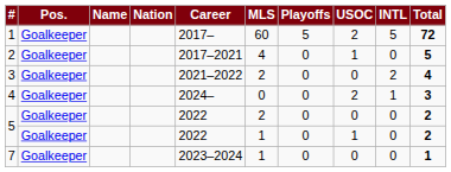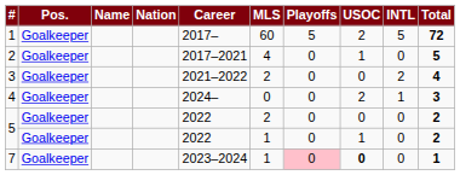 <table class="wikitable sortable" style="text-align:center;">
 <tr>
 <th style="background:#80000B; color:#FFFFFF;" scope="col">#</th>
 <th style="background:#80000B; color:#FFFFFF;" scope="col">Pos.</th>
 <th style="background:#80000B; color:#FFFFFF;" scope="col">Name</th>
 <th style="background:#80000B; color:#FFFFFF;" scope="col">Nation</th>
 <th style="background:#80000B; color:#FFFFFF;" scope="col">Career</th>
 <th style="background:#80000B; color:#FFFFFF;" scope="col">MLS</th>
 <th style="background:#80000B; color:#FFFFFF;" scope="col">Playoffs</th>
 <th style="background:#80000B; color:#FFFFFF;" scope="col">USOC</th>
 <th style="background:#80000B; color:#FFFFFF;" scope="col">INTL</th>
 <th style="background:#80000B; color:#FFFFFF;" scope="col">Total</th>
 </tr>
 <tr>
 <td>1</td>
 <td style="text-align:left;"><a href='#'>Goalkeeper</a></td>
 <td style="text-align:left;"><strong></strong></td>
 <td style="text-align:left;"></td>
 <td style="text-align:left;">2017–</td>
 <td>60</td>
 <td>5</td>
 <td>2</td>
 <td>5</td>
 <td><strong>72</strong></td>
 </tr>
 <tr>
 <td>2</td>
 <td style="text-align:left;"><a href='#'>Goalkeeper</a></td>
 <td style="text-align:left;"></td>
 <td style="text-align:left;"></td>
 <td style="text-align:left;">2017–2021</td>
 <td>4</td>
 <td>0</td>
 <td>1</td>
 <td>0</td>
 <td><strong>5</strong></td>
 </tr>
 <tr>
 <td>3</td>
 <td style="text-align:left;"><a href='#'>Goalkeeper</a></td>
 <td style="text-align:left;"></td>
 <td style="text-align:left;"></td>
 <td style="text-align:left;">2021–2022</td>
 <td>2</td>
 <td>0</td>
 <td>0</td>
 <td>2</td>
 <td><strong>4</strong></td>
 </tr>
 <tr>
 <td>4</td>
 <td style="text-align:left;"><a href='#'>Goalkeeper</a></td>
 <td style="text-align:left;"><strong></strong></td>
 <td style="text-align:left;"></td>
 <td style="text-align:left;">2024–</td>
 <td>0</td>
 <td>0</td>
 <td>2</td>
 <td>1</td>
 <td><strong>3</strong></td>
 </tr>
 <tr>
 <td rowspan=2>5</td>
 <td style="text-align:left;"><a href='#'>Goalkeeper</a></td>
 <td style="text-align:left;"></td>
 <td style="text-align:left;"></td>
 <td style="text-align:left;">2022</td>
 <td>2</td>
 <td>0</td>
 <td>0</td>
 <td>0</td>
 <td><strong>2</strong></td>
 </tr>
 <tr>
 <td style="text-align:left;"><a href='#'>Goalkeeper</a></td>
 <td style="text-align:left;"></td>
 <td style="text-align:left;"></td>
 <td style="text-align:left;">2022</td>
 <td>1</td>
 <td>0</td>
 <td>1</td>
 <td>0</td>
 <td><strong>2</strong></td>
 </tr>
 <tr>
 <td>7</td>
 <td style="text-align:left;"><a href='#'>Goalkeeper</a></td>
 <td style="text-align:left;"></td>
 <td style="text-align:left;"></td>
 <td style="text-align:left;">2023–2024</td>
 <td>1</td>
-<td>0</td>
-<td>0</td>
+<td style="background: pink;">0</td>
+<td><strong>0</strong></td>
 <td>0</td>
 <td><strong>1</strong></td>
 </tr>
 </table>
